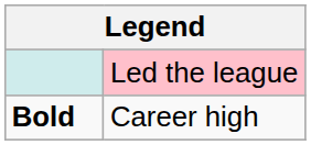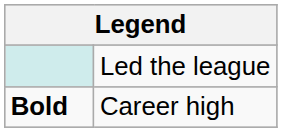 <table class="wikitable">
 <tr>
 <th colspan="2">Legend</th>
 </tr>
 <tr>
 <td style="background:#CFECEC; width:3em;"></td>
-<td style="background: pink;">Led the league</td>
+<td>Led the league</td>
 </tr>
 <tr>
 <td style="width:3em;"><strong>Bold</strong></td>
 <td>Career high</td>
 </tr>
 </table>
